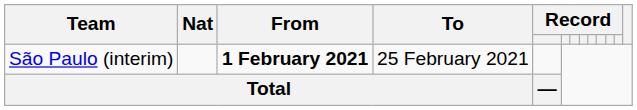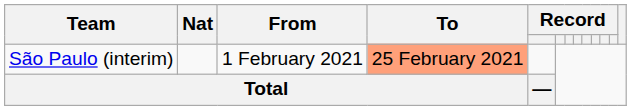 <table class="wikitable" style="text-align: center">
 <tr>
 <th rowspan="2">Team</th>
 <th rowspan="2">Nat</th>
 <th rowspan="2">From</th>
 <th rowspan="2">To</th>
 <th colspan="8">Record</th>
 <th rowspan=2></th>
 </tr>
 <tr>
 <th></th>
 <th></th>
 <th></th>
 <th></th>
 <th></th>
 <th></th>
 <th></th>
 <th></th>
 </tr>
 <tr>
 <td align=left><a href='#'>São Paulo</a> (interim)</td>
 <td></td>
-<td align=left><strong>1 February 2021</strong></td>
-<td align=left>25 February 2021<br></td>
+<td align=left>1 February 2021</td>
+<td align=left style="background: lightsalmon;">25 February 2021<br></td>
 <td></td>
 </tr>
 <tr>
 <th colspan="4">Total<br></th>
 <th>—</th>
 </tr>
 </table>
